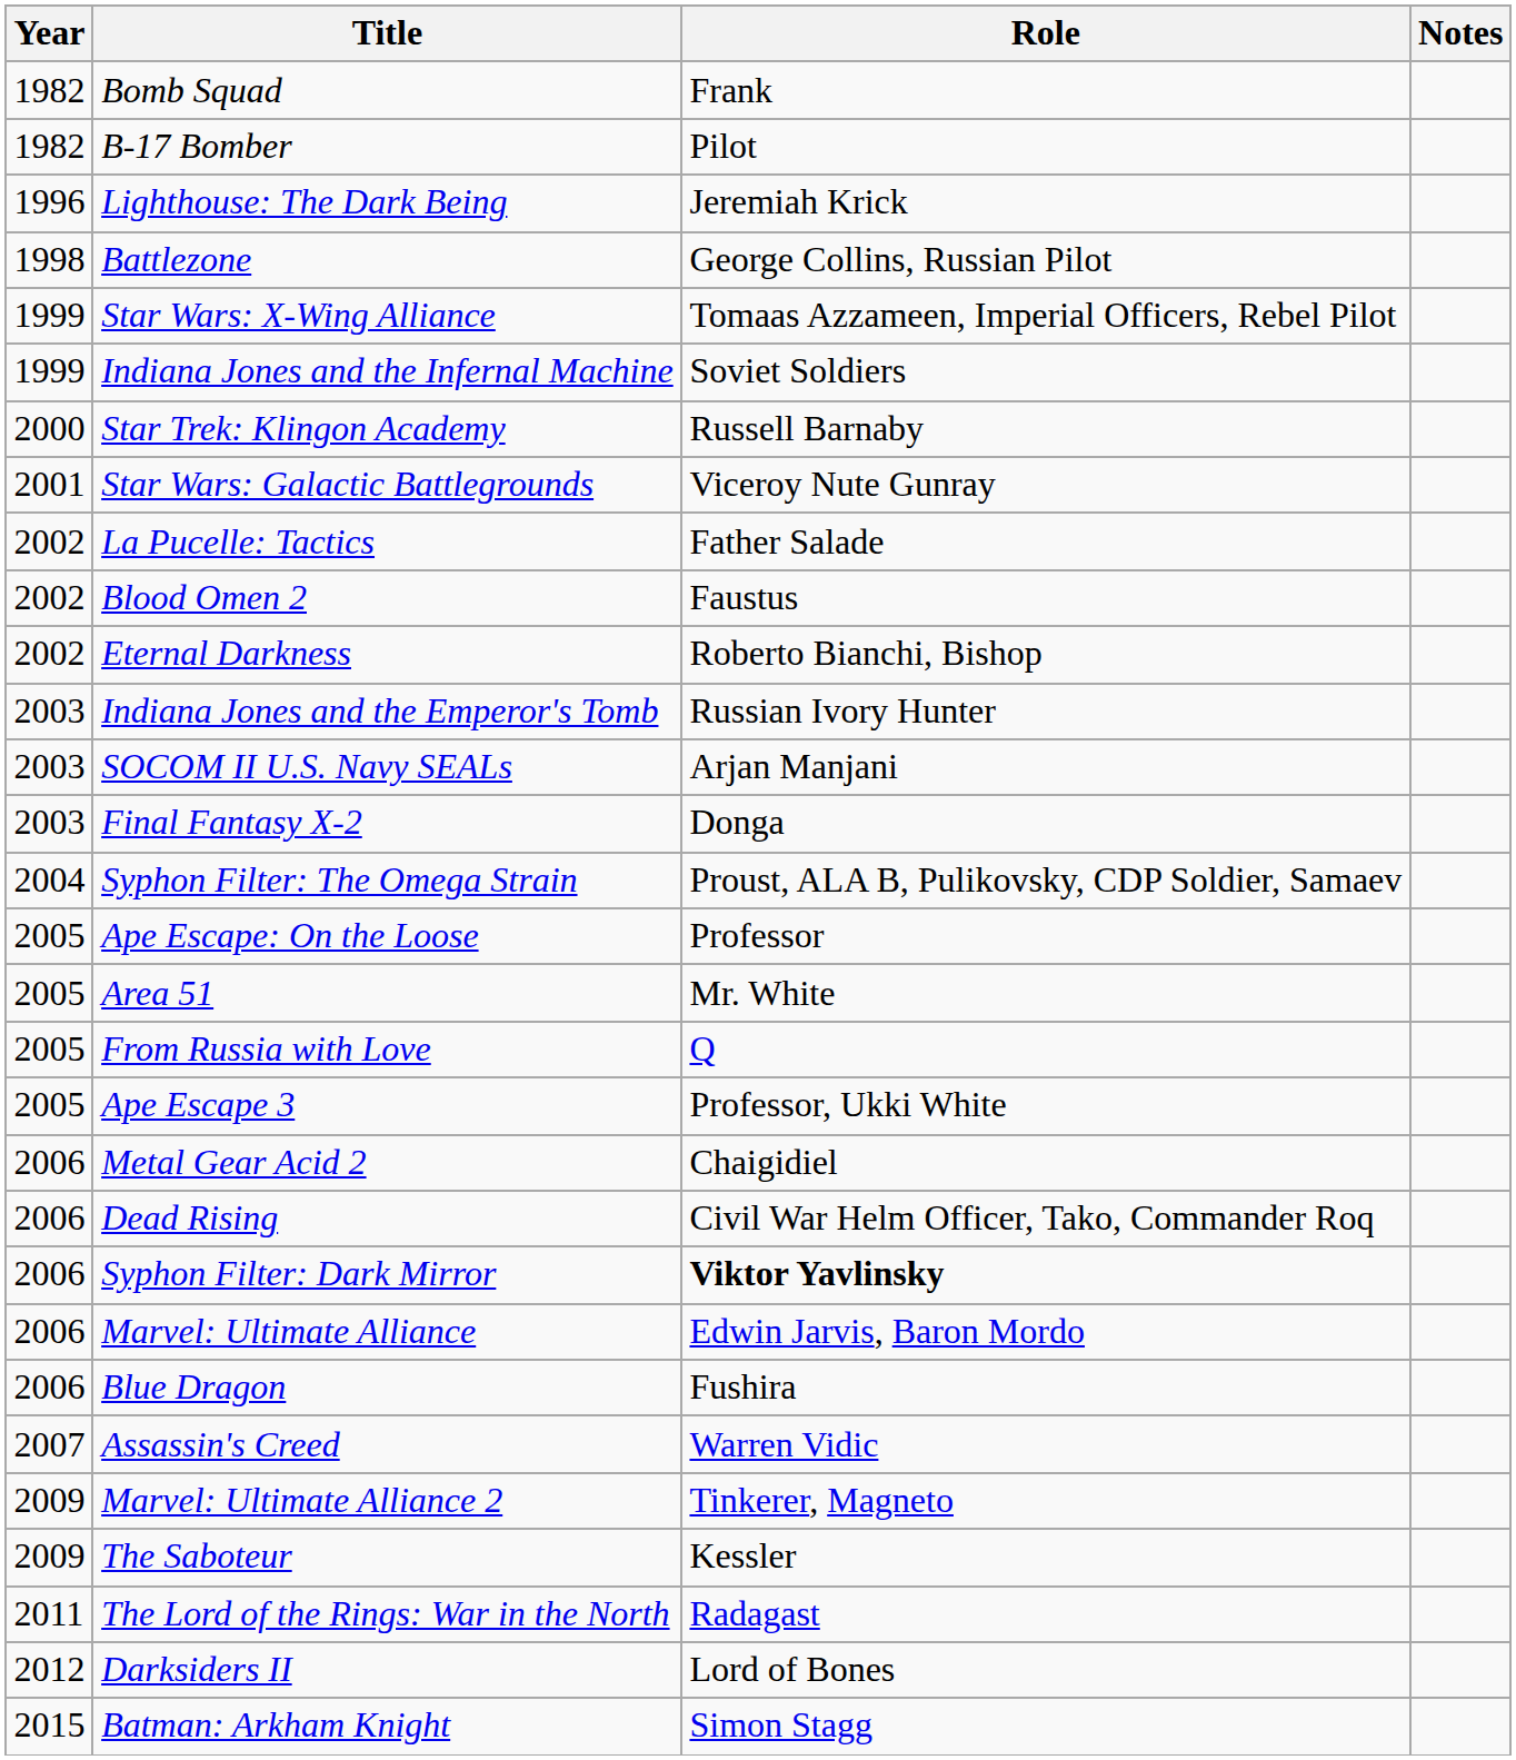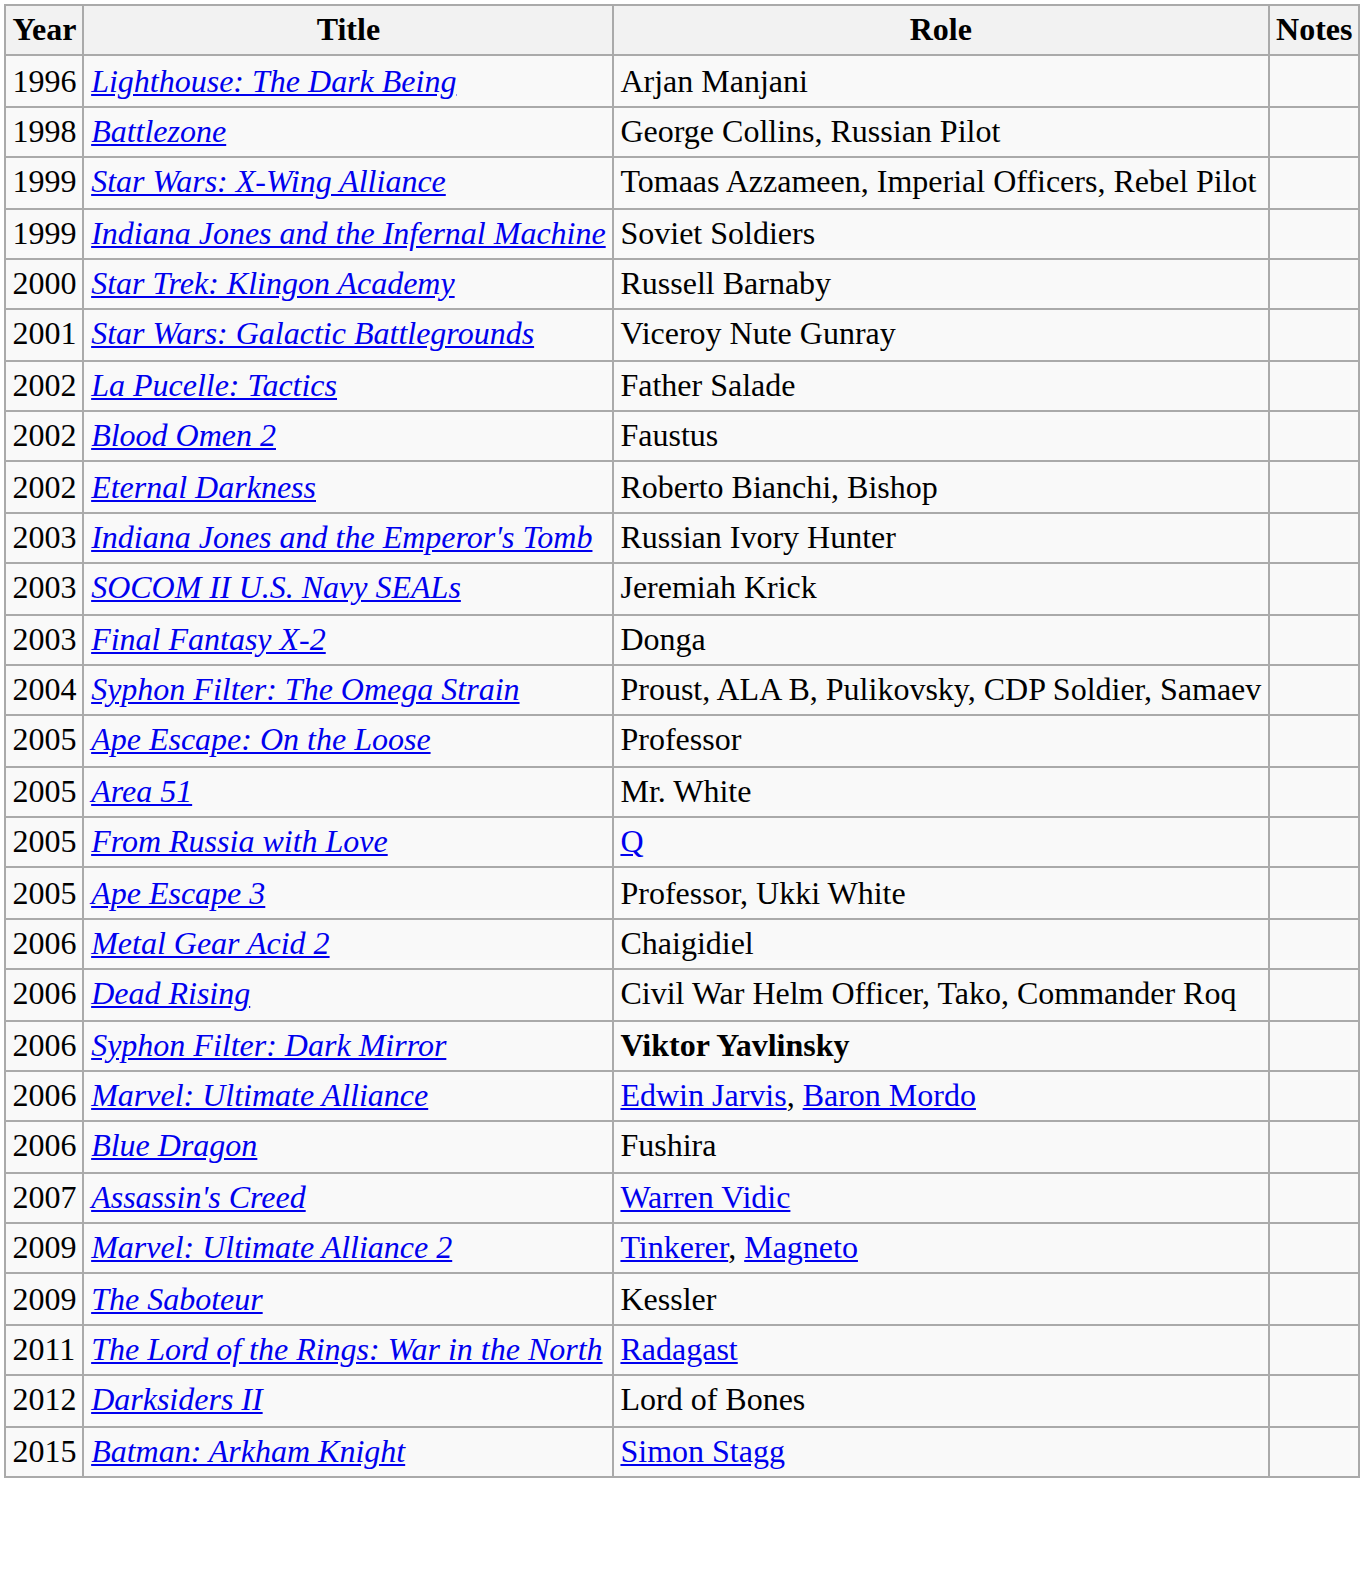 <table class="wikitable sortable">
 <tr>
 <th>Year</th>
 <th>Title</th>
 <th>Role</th>
 <th>Notes</th>
 </tr>
 <tr>
-<td>1982</td>
-<td><em>Bomb Squad</em></td>
-<td>Frank</td>
-<td></td>
-</tr>
-<tr>
-<td>1982</td>
-<td><em>B-17 Bomber</em></td>
-<td>Pilot</td>
-<td></td>
-</tr>
-<tr>
 <td>1996</td>
 <td><em><a href='#'>Lighthouse: The Dark Being</a></em></td>
-<td>Jeremiah Krick</td>
+<td>Arjan Manjani</td>
 <td></td>
 </tr>
 <tr>
 <td>1998</td>
 <td><em><a href='#'>Battlezone</a></em></td>
 <td>George Collins, Russian Pilot</td>
 <td></td>
 </tr>
 <tr>
 <td>1999</td>
 <td><em><a href='#'>Star Wars: X-Wing Alliance</a></em></td>
 <td>Tomaas Azzameen, Imperial Officers, Rebel Pilot</td>
 <td></td>
 </tr>
 <tr>
 <td>1999</td>
 <td><em><a href='#'>Indiana Jones and the Infernal Machine</a></em></td>
 <td>Soviet Soldiers</td>
 <td></td>
 </tr>
 <tr>
 <td>2000</td>
 <td><em><a href='#'>Star Trek: Klingon Academy</a></em></td>
 <td>Russell Barnaby</td>
 <td></td>
 </tr>
 <tr>
 <td>2001</td>
 <td><em><a href='#'>Star Wars: Galactic Battlegrounds</a></em></td>
 <td>Viceroy Nute Gunray</td>
 <td></td>
 </tr>
 <tr>
 <td>2002</td>
 <td><em><a href='#'>La Pucelle: Tactics</a></em></td>
 <td>Father Salade</td>
 <td></td>
 </tr>
 <tr>
 <td>2002</td>
 <td><em><a href='#'>Blood Omen 2</a></em></td>
 <td>Faustus</td>
 <td></td>
 </tr>
 <tr>
 <td>2002</td>
 <td><em><a href='#'>Eternal Darkness</a></em></td>
 <td>Roberto Bianchi, Bishop</td>
 <td></td>
 </tr>
 <tr>
 <td>2003</td>
 <td><em><a href='#'>Indiana Jones and the Emperor's Tomb</a></em></td>
 <td>Russian Ivory Hunter</td>
 <td></td>
 </tr>
 <tr>
 <td>2003</td>
 <td><em><a href='#'>SOCOM II U.S. Navy SEALs</a></em></td>
-<td>Arjan Manjani</td>
+<td>Jeremiah Krick</td>
 <td></td>
 </tr>
 <tr>
 <td>2003</td>
 <td><em><a href='#'>Final Fantasy X-2</a></em></td>
 <td>Donga</td>
 <td></td>
 </tr>
 <tr>
 <td>2004</td>
 <td><em><a href='#'>Syphon Filter: The Omega Strain</a></em></td>
 <td>Proust, ALA B, Pulikovsky, CDP Soldier, Samaev</td>
 <td></td>
 </tr>
 <tr>
 <td>2005</td>
 <td><em><a href='#'>Ape Escape: On the Loose</a></em></td>
 <td>Professor</td>
 <td></td>
 </tr>
 <tr>
 <td>2005</td>
 <td><em><a href='#'>Area 51</a></em></td>
 <td>Mr. White</td>
 <td></td>
 </tr>
 <tr>
 <td>2005</td>
 <td><em><a href='#'>From Russia with Love</a></em></td>
 <td><a href='#'>Q</a></td>
 <td></td>
 </tr>
 <tr>
 <td>2005</td>
 <td><em><a href='#'>Ape Escape 3</a></em></td>
 <td>Professor, Ukki White</td>
 <td></td>
 </tr>
 <tr>
 <td>2006</td>
 <td><em><a href='#'>Metal Gear Acid 2</a></em></td>
 <td>Chaigidiel</td>
 <td></td>
 </tr>
 <tr>
 <td>2006</td>
 <td><em><a href='#'>Dead Rising</a></em></td>
 <td>Civil War Helm Officer, Tako, Commander Roq</td>
 <td></td>
 </tr>
 <tr>
 <td>2006</td>
 <td><em><a href='#'>Syphon Filter: Dark Mirror</a></em></td>
 <td><strong>Viktor Yavlinsky</strong></td>
 <td></td>
 </tr>
 <tr>
 <td>2006</td>
 <td><em><a href='#'>Marvel: Ultimate Alliance</a></em></td>
 <td><a href='#'>Edwin Jarvis</a>, <a href='#'>Baron Mordo</a></td>
 <td></td>
 </tr>
 <tr>
 <td>2006</td>
 <td><em><a href='#'>Blue Dragon</a></em></td>
 <td>Fushira</td>
 <td></td>
 </tr>
 <tr>
 <td>2007</td>
 <td><em><a href='#'>Assassin's Creed</a></em></td>
 <td><a href='#'>Warren Vidic</a></td>
 <td></td>
 </tr>
 <tr>
 <td>2009</td>
 <td><em><a href='#'>Marvel: Ultimate Alliance 2</a></em></td>
 <td><a href='#'>Tinkerer</a>, <a href='#'>Magneto</a></td>
 <td></td>
 </tr>
 <tr>
 <td>2009</td>
 <td><em><a href='#'>The Saboteur</a></em></td>
 <td>Kessler</td>
 <td></td>
 </tr>
 <tr>
 <td>2011</td>
 <td><em><a href='#'>The Lord of the Rings: War in the North</a></em></td>
 <td><a href='#'>Radagast</a></td>
 <td></td>
 </tr>
 <tr>
 <td>2012</td>
 <td><em><a href='#'>Darksiders II</a></em></td>
 <td>Lord of Bones</td>
 <td></td>
 </tr>
 <tr>
 <td>2015</td>
 <td><em><a href='#'>Batman: Arkham Knight</a></em></td>
 <td><a href='#'>Simon Stagg</a></td>
 <td></td>
 </tr>
 </table>
